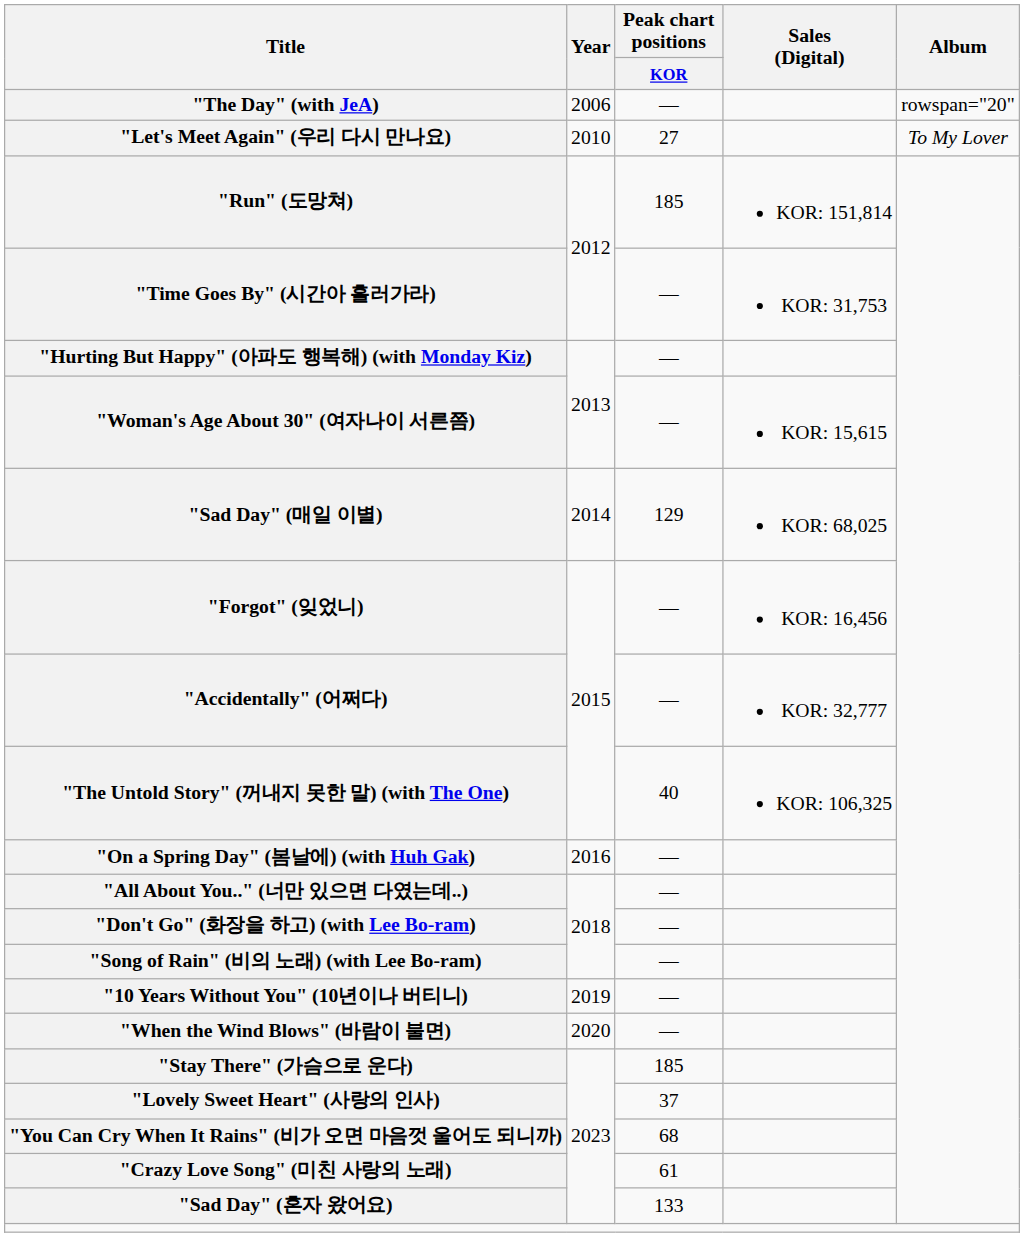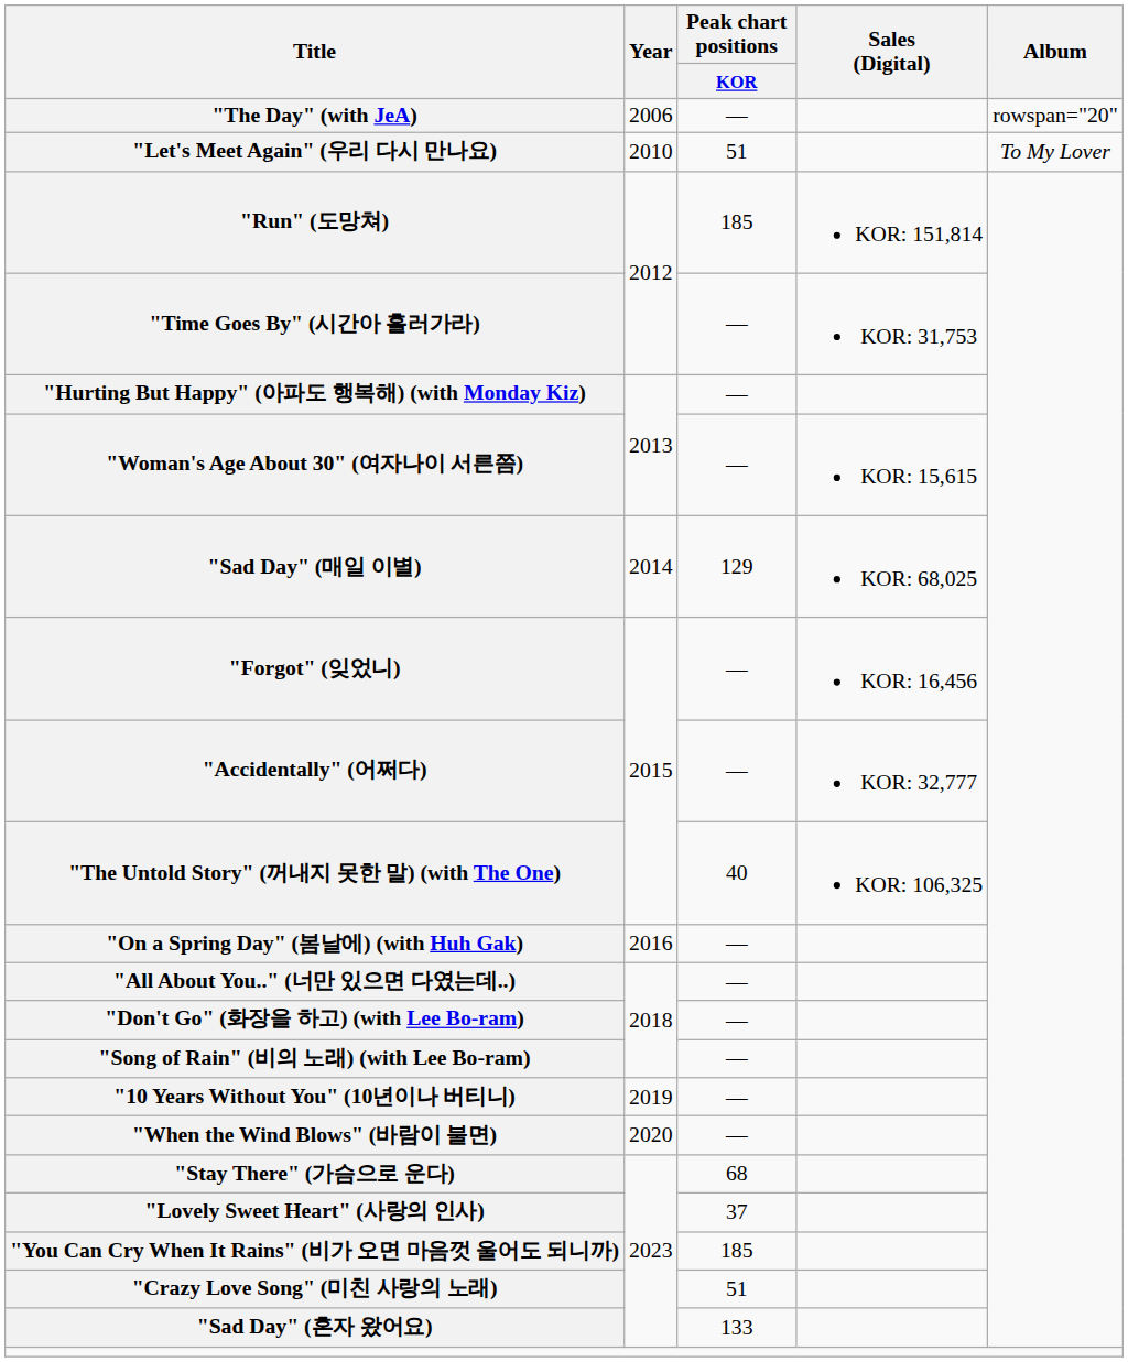 <table class="wikitable plainrowheaders" style="text-align:center;">
 <tr>
 <th scope="col" rowspan="2">Title</th>
 <th scope="col" rowspan="2">Year</th>
 <th scope="col" colspan="1" style="width:5em;">Peak chart positions</th>
 <th scope="col" rowspan="2">Sales<br>(Digital)</th>
 <th scope="col" rowspan="2">Album</th>
 </tr>
 <tr>
 <th><small><a href='#'>KOR</a></small><br></th>
 </tr>
 <tr>
 <th scope="row">"The Day" (with <a href='#'>JeA</a>)</th>
 <td>2006</td>
 <td>—</td>
 <td></td>
 <td>rowspan="20" </td>
 </tr>
 <tr>
 <th scope="row">"Let's Meet Again" (우리 다시 만나요)</th>
 <td>2010</td>
-<td>27</td>
+<td>51</td>
 <td></td>
 <td><em>To My Lover</em></td>
 </tr>
 <tr>
 <th scope="row">"Run" (도망쳐)</th>
 <td rowspan="2">2012</td>
 <td>185</td>
 <td><br><ul><li>KOR: 151,814</li></ul></td>
 </tr>
 <tr>
 <th scope="row">"Time Goes By" (시간아 흘러가라)</th>
 <td>—</td>
 <td><br><ul><li>KOR: 31,753</li></ul></td>
 </tr>
 <tr>
 <th scope="row">"Hurting But Happy" (아파도 행복해) (with <a href='#'>Monday Kiz</a>)</th>
 <td rowspan="2">2013</td>
 <td>—</td>
 <td></td>
 </tr>
 <tr>
 <th scope="row">"Woman's Age About 30" (여자나이 서른쯤)</th>
 <td>—</td>
 <td><br><ul><li>KOR: 15,615</li></ul></td>
 </tr>
 <tr>
 <th scope="row">"Sad Day" (매일 이별)</th>
 <td>2014</td>
 <td>129</td>
 <td><br><ul><li>KOR: 68,025</li></ul></td>
 </tr>
 <tr>
 <th scope="row">"Forgot" (잊었니)</th>
 <td rowspan="3">2015</td>
 <td>—</td>
 <td><br><ul><li>KOR: 16,456</li></ul></td>
 </tr>
 <tr>
 <th scope="row">"Accidentally" (어쩌다)</th>
 <td>—</td>
 <td><br><ul><li>KOR: 32,777</li></ul></td>
 </tr>
 <tr>
 <th scope="row">"The Untold Story" (꺼내지 못한 말) (with <a href='#'>The One</a>)</th>
 <td>40</td>
 <td><br><ul><li>KOR: 106,325</li></ul></td>
 </tr>
 <tr>
 <th scope="row">"On a Spring Day" (봄날에) (with <a href='#'>Huh Gak</a>)</th>
 <td>2016</td>
 <td>—</td>
 <td></td>
 </tr>
 <tr>
 <th scope="row">"All About You.." (너만 있으면 다였는데..)</th>
 <td rowspan="3">2018</td>
 <td>—</td>
 <td></td>
 </tr>
 <tr>
 <th scope="row">"Don't Go" (화장을 하고) (with <a href='#'>Lee Bo-ram</a>)</th>
 <td>—</td>
 <td></td>
 </tr>
 <tr>
 <th scope="row">"Song of Rain" (비의 노래) (with Lee Bo-ram)</th>
 <td>—</td>
 <td></td>
 </tr>
 <tr>
 <th scope="row">"10 Years Without You" (10년이나 버티니)</th>
 <td>2019</td>
 <td>—</td>
 <td></td>
 </tr>
 <tr>
 <th scope="row">"When the Wind Blows" (바람이 불면)</th>
 <td>2020</td>
 <td>—</td>
 <td></td>
 </tr>
 <tr>
 <th scope="row">"Stay There" (가슴으로 운다)</th>
 <td rowspan="5">2023</td>
-<td>185</td>
+<td>68</td>
 <td></td>
 </tr>
 <tr>
 <th scope="row">"Lovely Sweet Heart" (사랑의 인사)</th>
 <td>37</td>
 <td></td>
 </tr>
 <tr>
 <th scope="row">"You Can Cry When It Rains" (비가 오면 마음껏 울어도 되니까)</th>
-<td>68</td>
+<td>185</td>
 <td></td>
 </tr>
 <tr>
 <th scope="row">"Crazy Love Song" (미친 사랑의 노래)<br></th>
-<td>61</td>
+<td>51</td>
 <td></td>
 </tr>
 <tr>
 <th scope="row">"Sad Day" (혼자 왔어요)<br></th>
 <td>133</td>
 <td></td>
 </tr>
 <tr>
 <td colspan="5"></td>
 </tr>
 </table>
